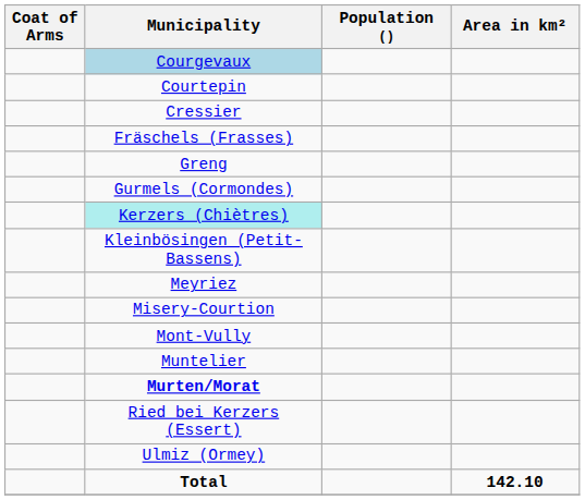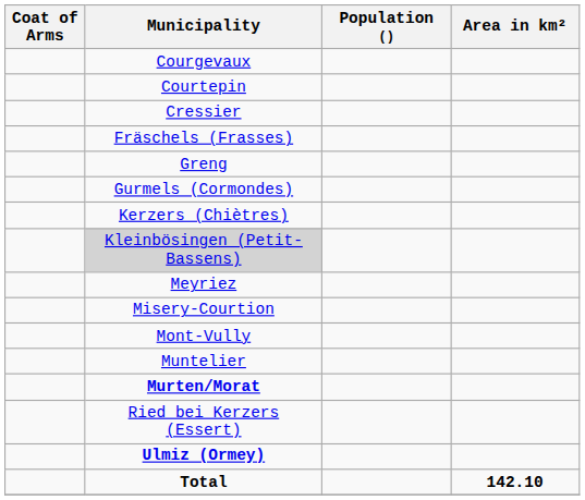 <table class="wikitable">
 <tr>
 <th width="60">Coat of Arms</th>
 <th width="190">Municipality</th>
 <th width="100">Population<br><small>()</small></th>
 <th width="100">Area in km²<small></small></th>
 </tr>
 <tr>
 <td></td>
-<td align="center" style="background: lightblue;"><a href='#'>Courgevaux</a></td>
+<td align="center"><a href='#'>Courgevaux</a></td>
 <td align="center"></td>
 <td align="center"></td>
 </tr>
 <tr>
 <td></td>
 <td align="center"><a href='#'>Courtepin</a></td>
 <td align="center"></td>
 <td align="center"></td>
 </tr>
 <tr>
 <td></td>
 <td align="center"><a href='#'>Cressier</a></td>
 <td align="center"></td>
 <td align="center"></td>
 </tr>
 <tr>
 <td></td>
 <td align="center"><a href='#'>Fräschels (Frasses)</a></td>
 <td align="center"></td>
 <td align="center"></td>
 </tr>
 <tr>
 <td></td>
 <td align="center"><a href='#'>Greng</a></td>
 <td align="center"></td>
 <td align="center"></td>
 </tr>
 <tr>
 <td></td>
 <td align="center"><a href='#'>Gurmels (Cormondes)</a></td>
 <td align="center"></td>
 <td align="center"></td>
 </tr>
 <tr>
 <td></td>
-<td align="center" style="background: paleturquoise;"><a href='#'>Kerzers (Chiètres)</a></td>
+<td align="center"><a href='#'>Kerzers (Chiètres)</a></td>
 <td align="center"></td>
 <td align="center"></td>
 </tr>
 <tr>
 <td></td>
-<td align="center"><a href='#'>Kleinbösingen (Petit-Bassens)</a></td>
+<td align="center" style="background: lightgrey;"><a href='#'>Kleinbösingen (Petit-Bassens)</a></td>
 <td align="center"></td>
 <td align="center"></td>
 </tr>
 <tr>
 <td></td>
 <td align="center"><a href='#'>Meyriez</a></td>
 <td align="center"></td>
 <td align="center"></td>
 </tr>
 <tr>
 <td></td>
 <td align="center"><a href='#'>Misery-Courtion</a></td>
 <td align="center"></td>
 <td align="center"></td>
 </tr>
 <tr>
 <td></td>
 <td align="center"><a href='#'>Mont-Vully</a></td>
 <td align="center"></td>
 <td align="center"></td>
 </tr>
 <tr>
 <td></td>
 <td align="center"><a href='#'>Muntelier</a></td>
 <td align="center"></td>
 <td align="center"></td>
 </tr>
 <tr>
 <td></td>
 <td align="center"><strong><a href='#'>Murten/Morat</a></strong></td>
 <td align="center"></td>
 <td align="center"></td>
 </tr>
 <tr>
 <td></td>
 <td align="center"><a href='#'>Ried bei Kerzers (Essert)</a></td>
 <td align="center"></td>
 <td align="center"></td>
 </tr>
 <tr>
 <td></td>
-<td align="center"><a href='#'>Ulmiz (Ormey)</a></td>
+<td align="center"><strong><a href='#'>Ulmiz (Ormey)</a></strong></td>
 <td align="center"></td>
 <td align="center"></td>
 </tr>
 <tr>
 <td></td>
 <td align="center"><strong>Total</strong></td>
 <td align="center"><strong></strong></td>
 <td align="center"><strong>142.10</strong></td>
 </tr>
 <tr>
 </tr>
 </table>
